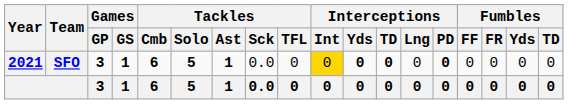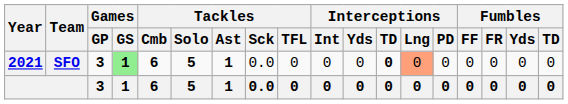 <table class="wikitable" style="text-align:center">
 <tr>
 <th rowspan="2">Year</th>
 <th rowspan="2">Team</th>
 <th colspan="2">Games</th>
 <th colspan="5">Tackles</th>
 <th colspan="5">Interceptions</th>
 <th colspan="4">Fumbles</th>
 </tr>
 <tr>
 <th>GP</th>
 <th>GS</th>
 <th>Cmb</th>
 <th>Solo</th>
 <th>Ast</th>
 <th>Sck</th>
 <th>TFL</th>
 <th>Int</th>
 <th>Yds</th>
 <th>TD</th>
 <th>Lng</th>
 <th>PD</th>
 <th>FF</th>
 <th>FR</th>
 <th>Yds</th>
 <th>TD</th>
 </tr>
 <tr>
 <th><a href='#'>2021</a></th>
 <th><a href='#'>SFO</a></th>
 <td><strong>3</strong></td>
-<td><strong>1</strong></td>
+<td style="background: lightgreen;"><strong>1</strong></td>
 <td><strong>6</strong></td>
 <td><strong>5</strong></td>
 <td><strong>1</strong></td>
 <td>0.0</td>
 <td>0</td>
-<td style="background: gold;">0</td>
-<td><strong>0</strong></td>
-<td><strong>0</strong></td>
+<td>0</td>
 <td>0</td>
 <td><strong>0</strong></td>
+<td style="background: lightsalmon;">0</td>
+<td>0</td>
 <td>0</td>
 <td>0</td>
 <td>0</td>
 <td>0</td>
 </tr>
 <tr>
 <th colspan="2"></th>
 <th>3</th>
 <th>1</th>
 <th>6</th>
 <th>5</th>
 <th>1</th>
 <th>0.0</th>
 <th>0</th>
 <th>0</th>
 <th>0</th>
 <th>0</th>
 <th>0</th>
 <th>0</th>
 <th>0</th>
 <th>0</th>
 <th>0</th>
 <th>0</th>
 </tr>
 </table>
